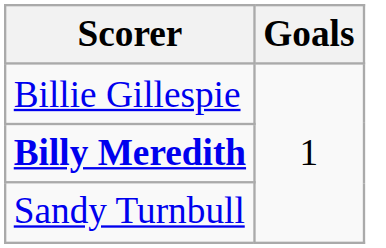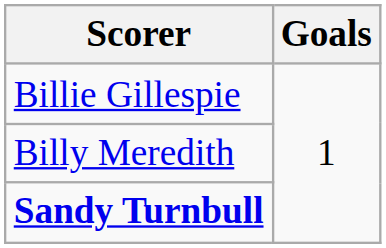 <table class="wikitable">
 <tr>
 <th>Scorer</th>
 <th>Goals</th>
 </tr>
 <tr>
 <td> <a href='#'>Billie Gillespie</a></td>
 <td rowspan="3" align=center>1</td>
 </tr>
 <tr>
-<td><strong> <a href='#'>Billy Meredith</a></strong></td>
+<td> <a href='#'>Billy Meredith</a></td>
 </tr>
 <tr>
-<td> <a href='#'>Sandy Turnbull</a></td>
+<td><strong> <a href='#'>Sandy Turnbull</a></strong></td>
 </tr>
 </table>
